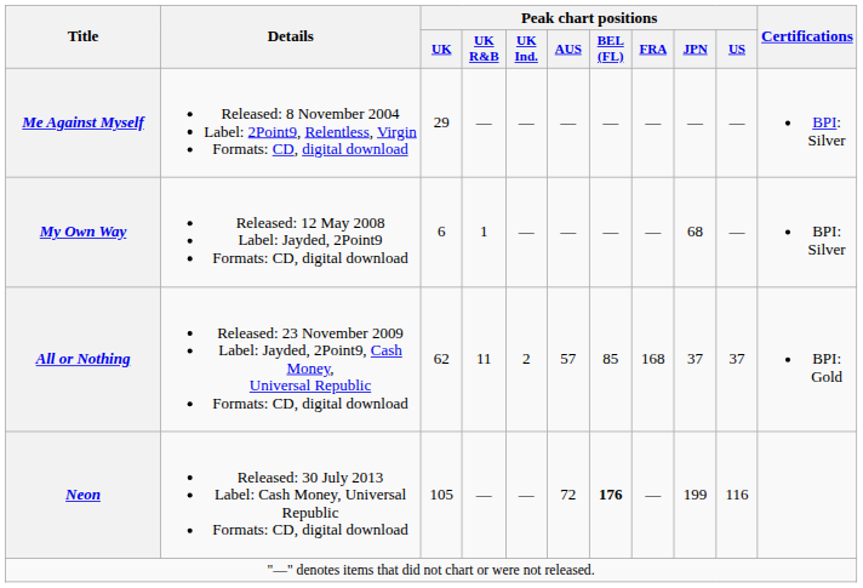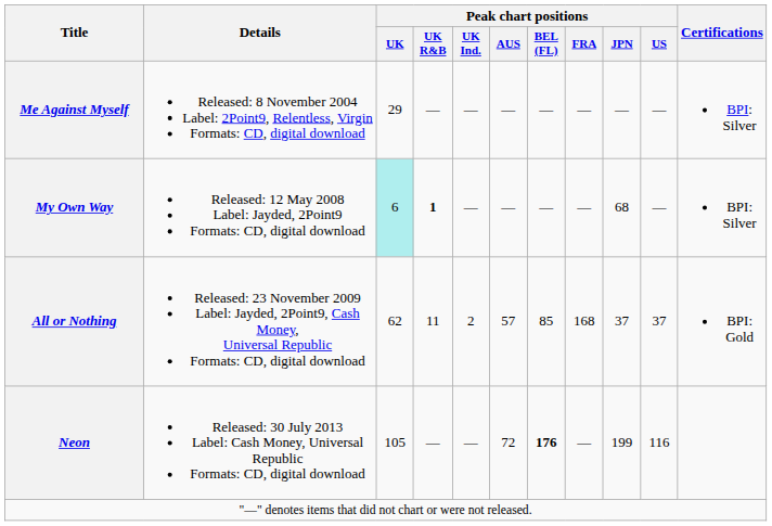 <table class="wikitable plainrowheaders" style="text-align:center;">
 <tr>
 <th scope="col" rowspan="2" style="width:12em;">Title</th>
 <th scope="col" rowspan="2" style="width:20em;">Details</th>
 <th scope="col" colspan="8">Peak chart positions</th>
 <th scope="col" rowspan="2"><a href='#'>Certifications</a></th>
 </tr>
 <tr>
 <th scope="col" style="width:3em;font-size:85%;"><a href='#'>UK</a><br></th>
 <th scope="col" style="width:3em;font-size:85%;"><a href='#'>UK<br>R&B</a><br></th>
 <th scope="col" style="width:3em;font-size:85%;"><a href='#'>UK<br>Ind.</a><br></th>
 <th scope="col" style="width:3em;font-size:85%;"><a href='#'>AUS</a><br></th>
 <th scope="col" style="width:3em;font-size:85%;"><a href='#'>BEL<br>(FL)</a><br></th>
 <th scope="col" style="width:3em;font-size:85%;"><a href='#'>FRA</a><br></th>
 <th scope="col" style="width:3em;font-size:85%;"><a href='#'>JPN</a><br></th>
 <th scope="col" style="width:3em;font-size:85%;"><a href='#'>US</a><br></th>
 </tr>
 <tr>
 <th scope="row"><em><a href='#'>Me Against Myself</a></em></th>
 <td><br><ul><li>Released: 8 November 2004</li><li>Label: <a href='#'>2Point9</a>, <a href='#'>Relentless</a>, <a href='#'>Virgin</a></li><li>Formats: <a href='#'>CD</a>, <a href='#'>digital download</a></li></ul></td>
 <td>29</td>
 <td>—</td>
 <td>—</td>
 <td>—</td>
 <td>—</td>
 <td>—</td>
 <td>—</td>
 <td>—</td>
 <td><br><ul><li><a href='#'>BPI</a>: Silver</li></ul></td>
 </tr>
 <tr>
 <th scope="row"><em><a href='#'>My Own Way</a></em></th>
 <td><br><ul><li>Released: 12 May 2008</li><li>Label: Jayded, 2Point9</li><li>Formats: CD, digital download</li></ul></td>
-<td>6</td>
-<td>1</td>
+<td style="background: paleturquoise;">6</td>
+<td><strong>1</strong></td>
 <td>—</td>
 <td>—</td>
 <td>—</td>
 <td>—</td>
 <td>68</td>
 <td>—</td>
 <td><br><ul><li>BPI: Silver</li></ul></td>
 </tr>
 <tr>
 <th scope="row"><em><a href='#'>All or Nothing</a></em></th>
 <td><br><ul><li>Released: 23 November 2009</li><li>Label: Jayded, 2Point9, <a href='#'>Cash Money</a>,<br><a href='#'>Universal Republic</a></li><li>Formats: CD, digital download</li></ul></td>
 <td>62</td>
 <td>11</td>
 <td>2</td>
 <td>57</td>
 <td>85</td>
 <td>168</td>
 <td>37</td>
 <td>37</td>
 <td><br><ul><li>BPI: Gold</li></ul></td>
 </tr>
 <tr>
 <th scope="row"><em><a href='#'>Neon</a></em></th>
 <td><br><ul><li>Released: 30 July 2013</li><li>Label: Cash Money, Universal Republic</li><li>Formats: CD, digital download</li></ul></td>
 <td>105</td>
 <td>—</td>
 <td>—</td>
 <td>72</td>
 <td><strong>176</strong></td>
 <td>—</td>
 <td>199</td>
 <td>116</td>
 <td></td>
 </tr>
 <tr>
 <td colspan="14" style="font-size:90%">"—" denotes items that did not chart or were not released.</td>
 </tr>
 </table>
